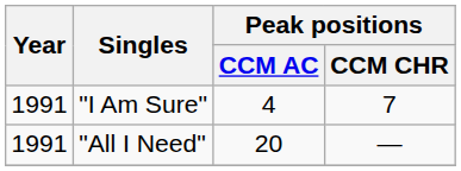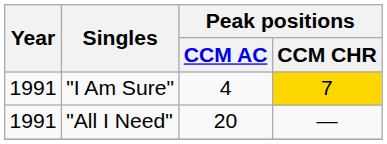 <table class="wikitable">
 <tr>
 <th rowspan="2">Year</th>
 <th rowspan="2">Singles</th>
 <th colspan="2">Peak positions</th>
 </tr>
 <tr>
 <th><a href='#'>CCM AC</a></th>
 <th>CCM CHR</th>
 </tr>
 <tr>
 <td>1991</td>
 <td>"I Am Sure"</td>
 <td align="center">4</td>
-<td align="center">7</td>
+<td align="center" style="background: gold;">7</td>
 </tr>
 <tr>
 <td>1991</td>
 <td>"All I Need"</td>
 <td align="center">20</td>
 <td align="center">—</td>
 </tr>
 <tr>
 </tr>
 </table>
